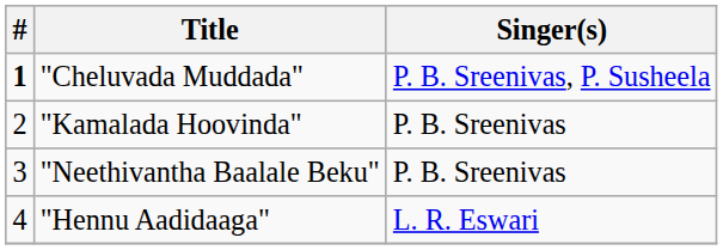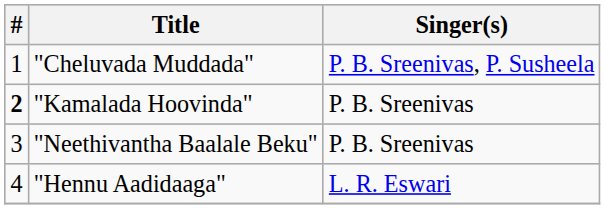 <table class="wikitable" style="font-size:95%;">
 <tr>
 <th>#</th>
 <th>Title</th>
 <th>Singer(s)</th>
 </tr>
 <tr>
-<td><strong>1</strong></td>
+<td>1</td>
 <td>"Cheluvada Muddada"</td>
 <td><a href='#'>P. B. Sreenivas</a>, <a href='#'>P. Susheela</a></td>
 </tr>
 <tr>
-<td>2</td>
+<td><strong>2</strong></td>
 <td>"Kamalada Hoovinda"</td>
 <td>P. B. Sreenivas</td>
 </tr>
 <tr>
 <td>3</td>
 <td>"Neethivantha Baalale Beku"</td>
 <td>P. B. Sreenivas</td>
 </tr>
 <tr>
 <td>4</td>
 <td>"Hennu Aadidaaga"</td>
 <td><a href='#'>L. R. Eswari</a></td>
 </tr>
 <tr>
 </tr>
 </table>
